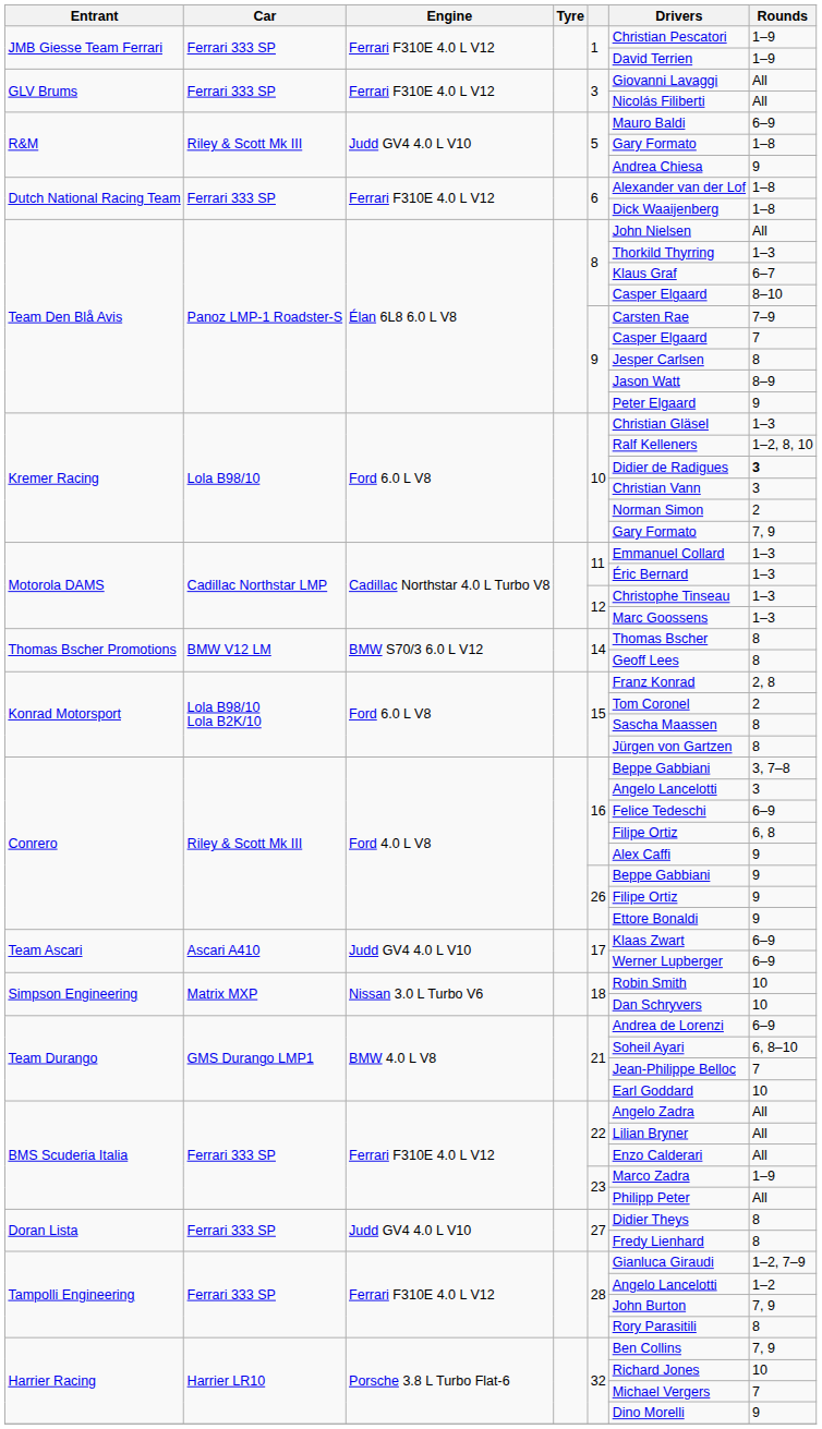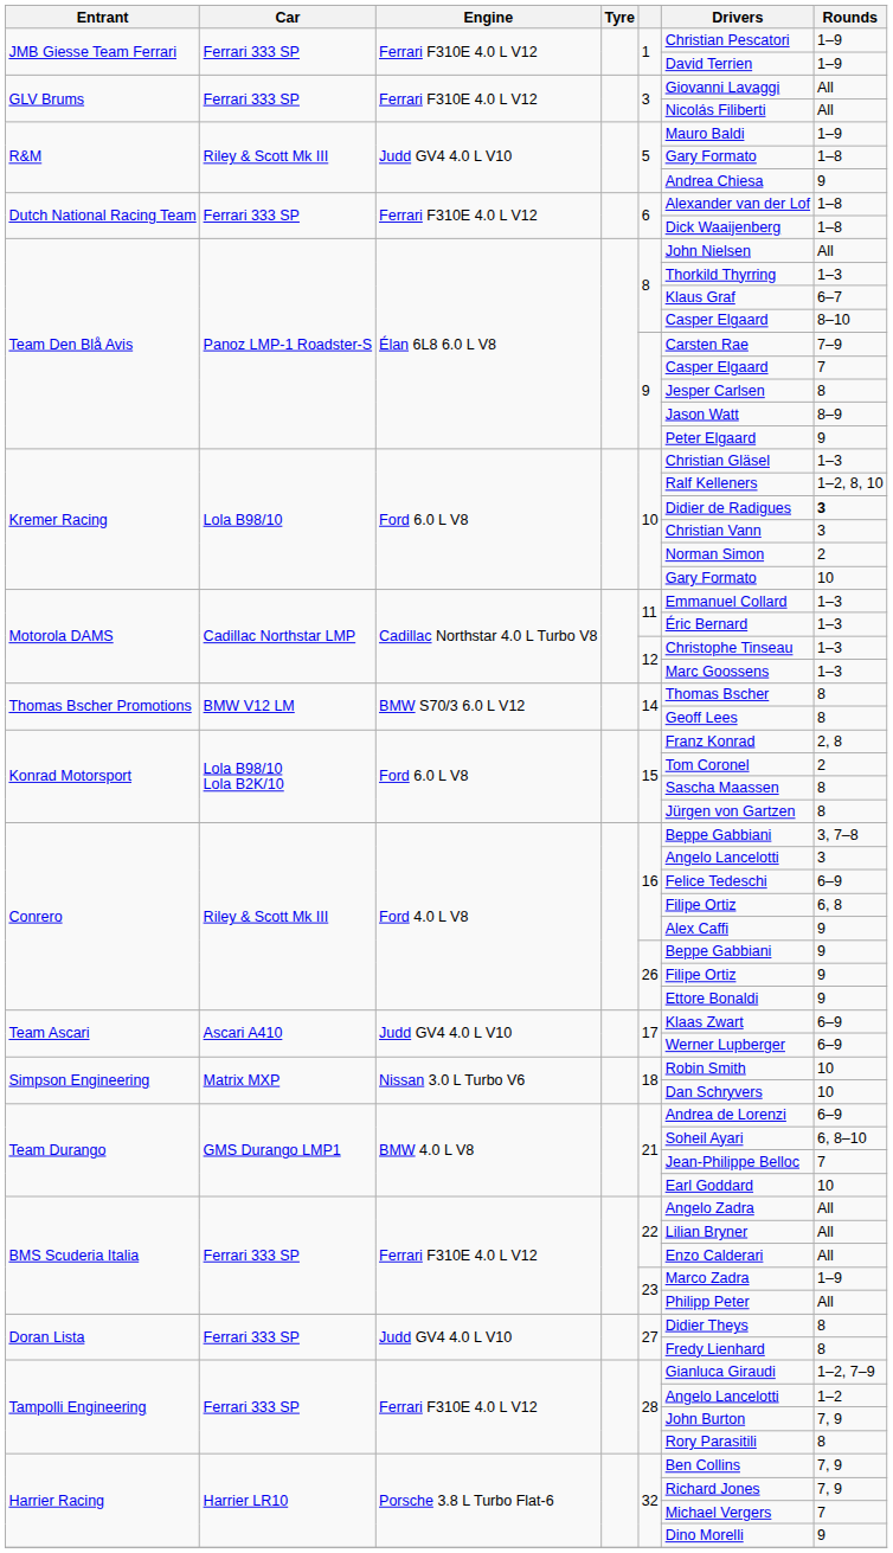 <table class="wikitable" style="font-size: 85%">
 <tr>
 <th>Entrant</th>
 <th>Car</th>
 <th>Engine</th>
 <th>Tyre</th>
 <th></th>
 <th>Drivers</th>
 <th>Rounds</th>
 </tr>
 <tr>
 <td rowspan=2> <a href='#'>JMB Giesse Team Ferrari</a></td>
 <td rowspan=2><a href='#'>Ferrari 333 SP</a></td>
 <td rowspan=2><a href='#'>Ferrari</a> F310E 4.0 L V12</td>
 <td rowspan=2></td>
 <td rowspan=2>1</td>
 <td> <a href='#'>Christian Pescatori</a></td>
 <td>1–9</td>
 </tr>
 <tr>
 <td> <a href='#'>David Terrien</a></td>
 <td>1–9</td>
 </tr>
 <tr>
 <td rowspan=2> <a href='#'>GLV Brums</a></td>
 <td rowspan=2><a href='#'>Ferrari 333 SP</a></td>
 <td rowspan=2><a href='#'>Ferrari</a> F310E 4.0 L V12</td>
 <td rowspan=2></td>
 <td rowspan=2>3</td>
 <td> <a href='#'>Giovanni Lavaggi</a></td>
 <td>All</td>
 </tr>
 <tr>
 <td> <a href='#'>Nicolás Filiberti</a></td>
 <td>All</td>
 </tr>
 <tr>
 <td rowspan=3> <a href='#'>R&M</a></td>
 <td rowspan=3><a href='#'>Riley & Scott Mk III</a></td>
 <td rowspan=3><a href='#'>Judd</a> GV4 4.0 L V10</td>
 <td rowspan=3></td>
 <td rowspan=3>5</td>
 <td> <a href='#'>Mauro Baldi</a></td>
-<td>6–9</td>
+<td>1–9</td>
 </tr>
 <tr>
 <td> <a href='#'>Gary Formato</a></td>
 <td>1–8</td>
 </tr>
 <tr>
 <td> <a href='#'>Andrea Chiesa</a></td>
 <td>9</td>
 </tr>
 <tr>
 <td rowspan=2> <a href='#'>Dutch National Racing Team</a></td>
 <td rowspan=2><a href='#'>Ferrari 333 SP</a></td>
 <td rowspan=2><a href='#'>Ferrari</a> F310E 4.0 L V12</td>
 <td rowspan=2><br></td>
 <td rowspan=2>6</td>
 <td> <a href='#'>Alexander van der Lof</a></td>
 <td>1–8</td>
 </tr>
 <tr>
 <td> <a href='#'>Dick Waaijenberg</a></td>
 <td>1–8</td>
 </tr>
 <tr>
 <td rowspan=9> <a href='#'>Team Den Blå Avis</a></td>
 <td rowspan=9><a href='#'>Panoz LMP-1 Roadster-S</a></td>
 <td rowspan=9><a href='#'>Élan</a> 6L8 6.0 L V8</td>
 <td rowspan=9><br></td>
 <td rowspan=4>8</td>
 <td> <a href='#'>John Nielsen</a></td>
 <td>All</td>
 </tr>
 <tr>
 <td> <a href='#'>Thorkild Thyrring</a></td>
 <td>1–3</td>
 </tr>
 <tr>
 <td> <a href='#'>Klaus Graf</a></td>
 <td>6–7</td>
 </tr>
 <tr>
 <td> <a href='#'>Casper Elgaard</a></td>
 <td>8–10</td>
 </tr>
 <tr>
 <td rowspan=5>9</td>
 <td> <a href='#'>Carsten Rae</a></td>
 <td>7–9</td>
 </tr>
 <tr>
 <td> <a href='#'>Casper Elgaard</a></td>
 <td>7</td>
 </tr>
 <tr>
 <td> <a href='#'>Jesper Carlsen</a></td>
 <td>8</td>
 </tr>
 <tr>
 <td> <a href='#'>Jason Watt</a></td>
 <td>8–9</td>
 </tr>
 <tr>
 <td> <a href='#'>Peter Elgaard</a></td>
 <td>9</td>
 </tr>
 <tr>
 <td rowspan=6> <a href='#'>Kremer Racing</a></td>
 <td rowspan=6><a href='#'>Lola B98/10</a></td>
 <td rowspan=6><a href='#'>Ford</a> 6.0 L V8</td>
 <td rowspan=6></td>
 <td rowspan=6>10</td>
 <td> <a href='#'>Christian Gläsel</a></td>
 <td>1–3</td>
 </tr>
 <tr>
 <td> <a href='#'>Ralf Kelleners</a></td>
 <td>1–2, 8, 10</td>
 </tr>
 <tr>
 <td> <a href='#'>Didier de Radigues</a></td>
 <td><strong>3</strong></td>
 </tr>
 <tr>
 <td> <a href='#'>Christian Vann</a></td>
 <td>3</td>
 </tr>
 <tr>
 <td> <a href='#'>Norman Simon</a></td>
 <td>2</td>
 </tr>
 <tr>
 <td> <a href='#'>Gary Formato</a></td>
-<td>7, 9</td>
+<td>10</td>
 </tr>
 <tr>
 <td rowspan=4> <a href='#'>Motorola DAMS</a></td>
 <td rowspan=4><a href='#'>Cadillac Northstar LMP</a></td>
 <td rowspan=4><a href='#'>Cadillac</a> Northstar 4.0 L Turbo V8</td>
 <td rowspan=4></td>
 <td rowspan=2>11</td>
 <td> <a href='#'>Emmanuel Collard</a></td>
 <td>1–3</td>
 </tr>
 <tr>
 <td> <a href='#'>Éric Bernard</a></td>
 <td>1–3</td>
 </tr>
 <tr>
 <td rowspan=2>12</td>
 <td> <a href='#'>Christophe Tinseau</a></td>
 <td>1–3</td>
 </tr>
 <tr>
 <td> <a href='#'>Marc Goossens</a></td>
 <td>1–3</td>
 </tr>
 <tr>
 <td rowspan=2> <a href='#'>Thomas Bscher Promotions</a></td>
 <td rowspan=2><a href='#'>BMW V12 LM</a></td>
 <td rowspan=2><a href='#'>BMW</a> S70/3 6.0 L V12</td>
 <td rowspan=2></td>
 <td rowspan=2>14</td>
 <td> <a href='#'>Thomas Bscher</a></td>
 <td>8</td>
 </tr>
 <tr>
 <td> <a href='#'>Geoff Lees</a></td>
 <td>8</td>
 </tr>
 <tr>
 <td rowspan=4> <a href='#'>Konrad Motorsport</a></td>
 <td rowspan=4><a href='#'>Lola B98/10</a><br><a href='#'>Lola B2K/10</a></td>
 <td rowspan=4><a href='#'>Ford</a> 6.0 L V8</td>
 <td rowspan=4></td>
 <td rowspan=4>15</td>
 <td> <a href='#'>Franz Konrad</a></td>
 <td>2, 8</td>
 </tr>
 <tr>
 <td> <a href='#'>Tom Coronel</a></td>
 <td>2</td>
 </tr>
 <tr>
 <td> <a href='#'>Sascha Maassen</a></td>
 <td>8</td>
 </tr>
 <tr>
 <td> <a href='#'>Jürgen von Gartzen</a></td>
 <td>8</td>
 </tr>
 <tr>
 <td rowspan=8> <a href='#'>Conrero</a></td>
 <td rowspan=8><a href='#'>Riley & Scott Mk III</a></td>
 <td rowspan=8><a href='#'>Ford</a> 4.0 L V8</td>
 <td rowspan=8></td>
 <td rowspan=5>16</td>
 <td> <a href='#'>Beppe Gabbiani</a></td>
 <td>3, 7–8</td>
 </tr>
 <tr>
 <td> <a href='#'>Angelo Lancelotti</a></td>
 <td>3</td>
 </tr>
 <tr>
 <td> <a href='#'>Felice Tedeschi</a></td>
 <td>6–9</td>
 </tr>
 <tr>
 <td> <a href='#'>Filipe Ortiz</a></td>
 <td>6, 8</td>
 </tr>
 <tr>
 <td> <a href='#'>Alex Caffi</a></td>
 <td>9</td>
 </tr>
 <tr>
 <td rowspan=3>26</td>
 <td> <a href='#'>Beppe Gabbiani</a></td>
 <td>9</td>
 </tr>
 <tr>
 <td> <a href='#'>Filipe Ortiz</a></td>
 <td>9</td>
 </tr>
 <tr>
 <td> <a href='#'>Ettore Bonaldi</a></td>
 <td>9</td>
 </tr>
 <tr>
 <td rowspan=2> <a href='#'>Team Ascari</a></td>
 <td rowspan=2><a href='#'>Ascari A410</a></td>
 <td rowspan=2><a href='#'>Judd</a> GV4 4.0 L V10</td>
 <td rowspan=2></td>
 <td rowspan=2>17</td>
 <td> <a href='#'>Klaas Zwart</a></td>
 <td>6–9</td>
 </tr>
 <tr>
 <td> <a href='#'>Werner Lupberger</a></td>
 <td>6–9</td>
 </tr>
 <tr>
 <td rowspan=2> <a href='#'>Simpson Engineering</a></td>
 <td rowspan=2><a href='#'>Matrix MXP</a></td>
 <td rowspan=2><a href='#'>Nissan</a> 3.0 L Turbo V6</td>
 <td rowspan=2></td>
 <td rowspan=2>18</td>
 <td> <a href='#'>Robin Smith</a></td>
 <td>10</td>
 </tr>
 <tr>
 <td> <a href='#'>Dan Schryvers</a></td>
 <td>10</td>
 </tr>
 <tr>
 <td rowspan=4> <a href='#'>Team Durango</a></td>
 <td rowspan=4><a href='#'>GMS Durango LMP1</a></td>
 <td rowspan=4><a href='#'>BMW</a> 4.0 L V8</td>
 <td rowspan=4></td>
 <td rowspan=4>21</td>
 <td> <a href='#'>Andrea de Lorenzi</a></td>
 <td>6–9</td>
 </tr>
 <tr>
 <td> <a href='#'>Soheil Ayari</a></td>
 <td>6, 8–10</td>
 </tr>
 <tr>
 <td> <a href='#'>Jean-Philippe Belloc</a></td>
 <td>7</td>
 </tr>
 <tr>
 <td> <a href='#'>Earl Goddard</a></td>
 <td>10</td>
 </tr>
 <tr>
 <td rowspan=5> <a href='#'>BMS Scuderia Italia</a></td>
 <td rowspan=5><a href='#'>Ferrari 333 SP</a></td>
 <td rowspan=5><a href='#'>Ferrari</a> F310E 4.0 L V12</td>
 <td rowspan=5></td>
 <td rowspan=3>22</td>
 <td> <a href='#'>Angelo Zadra</a></td>
 <td>All</td>
 </tr>
 <tr>
 <td> <a href='#'>Lilian Bryner</a></td>
 <td>All</td>
 </tr>
 <tr>
 <td> <a href='#'>Enzo Calderari</a></td>
 <td>All</td>
 </tr>
 <tr>
 <td rowspan=2>23</td>
 <td> <a href='#'>Marco Zadra</a></td>
 <td>1–9</td>
 </tr>
 <tr>
 <td> <a href='#'>Philipp Peter</a></td>
 <td>All</td>
 </tr>
 <tr>
 <td rowspan=2> <a href='#'>Doran Lista</a></td>
 <td rowspan=2><a href='#'>Ferrari 333 SP</a></td>
 <td rowspan=2><a href='#'>Judd</a> GV4 4.0 L V10</td>
 <td rowspan=2></td>
 <td rowspan=2>27</td>
 <td> <a href='#'>Didier Theys</a></td>
 <td>8</td>
 </tr>
 <tr>
 <td> <a href='#'>Fredy Lienhard</a></td>
 <td>8</td>
 </tr>
 <tr>
 <td rowspan=4> <a href='#'>Tampolli Engineering</a></td>
 <td rowspan=4><a href='#'>Ferrari 333 SP</a></td>
 <td rowspan=4><a href='#'>Ferrari</a> F310E 4.0 L V12</td>
 <td rowspan=4></td>
 <td rowspan=4>28</td>
 <td> <a href='#'>Gianluca Giraudi</a></td>
 <td>1–2, 7–9</td>
 </tr>
 <tr>
 <td> <a href='#'>Angelo Lancelotti</a></td>
 <td>1–2</td>
 </tr>
 <tr>
 <td> <a href='#'>John Burton</a></td>
 <td>7, 9</td>
 </tr>
 <tr>
 <td> <a href='#'>Rory Parasitili</a></td>
 <td>8</td>
 </tr>
 <tr>
 <td rowspan=4> <a href='#'>Harrier Racing</a></td>
 <td rowspan=4><a href='#'>Harrier LR10</a></td>
 <td rowspan=4><a href='#'>Porsche</a> 3.8 L Turbo Flat-6</td>
 <td rowspan=4></td>
 <td rowspan=4>32</td>
 <td> <a href='#'>Ben Collins</a></td>
 <td>7, 9</td>
 </tr>
 <tr>
 <td> <a href='#'>Richard Jones</a></td>
-<td>10</td>
+<td>7, 9</td>
 </tr>
 <tr>
 <td> <a href='#'>Michael Vergers</a></td>
 <td>7</td>
 </tr>
 <tr>
 <td> <a href='#'>Dino Morelli</a></td>
 <td>9</td>
 </tr>
 <tr>
 </tr>
 </table>
